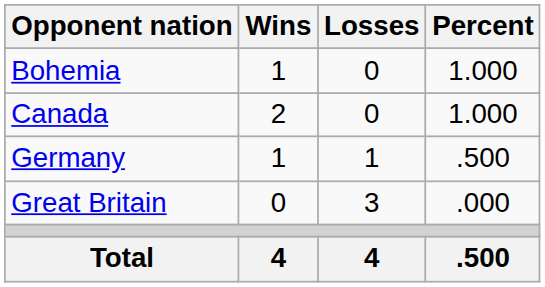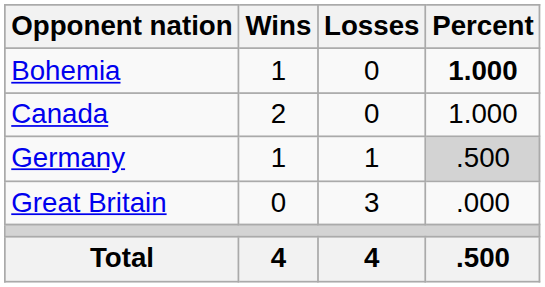 <table class=wikitable>
 <tr>
 <th>Opponent nation</th>
 <th>Wins</th>
 <th>Losses</th>
 <th>Percent</th>
 </tr>
 <tr align=center>
 <td align=left><a href='#'>Bohemia</a></td>
 <td>1</td>
 <td>0</td>
-<td>1.000</td>
+<td><strong>1.000</strong></td>
 </tr>
 <tr align=center>
 <td align=left><a href='#'>Canada</a></td>
 <td>2</td>
 <td>0</td>
 <td>1.000</td>
 </tr>
 <tr align=center>
 <td align=left><a href='#'>Germany</a></td>
 <td>1</td>
 <td>1</td>
-<td>.500</td>
+<td style="background: lightgrey;">.500</td>
 </tr>
 <tr align=center>
 <td align=left><a href='#'>Great Britain</a></td>
 <td>0</td>
 <td>3</td>
 <td>.000</td>
 </tr>
 <tr>
 <td colspan=4 bgcolor=lightgray></td>
 </tr>
 <tr>
 <th>Total</th>
 <th>4</th>
 <th>4</th>
 <th>.500</th>
 </tr>
 </table>
